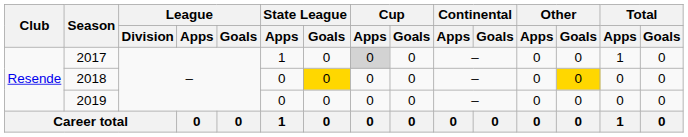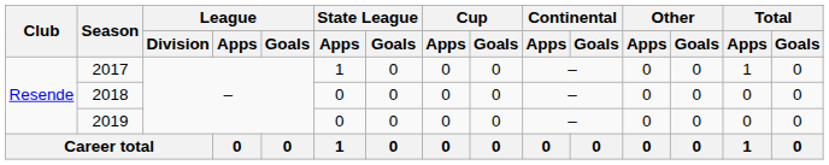 <table class="wikitable" style="text-align: center">
 <tr>
 <th rowspan="2">Club</th>
 <th rowspan="2">Season</th>
 <th colspan="3">League</th>
 <th colspan="2">State League</th>
 <th colspan="2">Cup</th>
 <th colspan="2">Continental</th>
 <th colspan="2">Other</th>
 <th colspan="2">Total</th>
 </tr>
 <tr>
 <th>Division</th>
 <th>Apps</th>
 <th>Goals</th>
 <th>Apps</th>
 <th>Goals</th>
 <th>Apps</th>
 <th>Goals</th>
 <th>Apps</th>
 <th>Goals</th>
 <th>Apps</th>
 <th>Goals</th>
 <th>Apps</th>
 <th>Goals</th>
 </tr>
 <tr>
 <td rowspan="3"><a href='#'>Resende</a></td>
 <td>2017</td>
 <td rowspan="3" colspan="3">–</td>
 <td>1</td>
 <td>0</td>
-<td style="background: lightgrey;">0</td>
+<td>0</td>
 <td>0</td>
 <td colspan="2">–</td>
 <td>0</td>
 <td>0</td>
 <td>1</td>
 <td>0</td>
 </tr>
 <tr>
 <td>2018</td>
 <td>0</td>
-<td style="background: gold;">0</td>
+<td>0</td>
 <td>0</td>
 <td>0</td>
 <td colspan="2">–</td>
 <td>0</td>
-<td style="background: gold;">0</td>
+<td>0</td>
 <td>0</td>
 <td>0</td>
 </tr>
 <tr>
 <td>2019</td>
 <td>0</td>
 <td>0</td>
 <td>0</td>
 <td>0</td>
 <td colspan="2">–</td>
 <td>0</td>
 <td>0</td>
 <td>0</td>
 <td>0</td>
 </tr>
 <tr>
 <th colspan="3"><strong>Career total</strong></th>
 <th>0</th>
 <th>0</th>
 <th>1</th>
 <th>0</th>
 <th>0</th>
 <th>0</th>
 <th>0</th>
 <th>0</th>
 <th>0</th>
 <th>0</th>
 <th>1</th>
 <th>0</th>
 </tr>
 </table>
